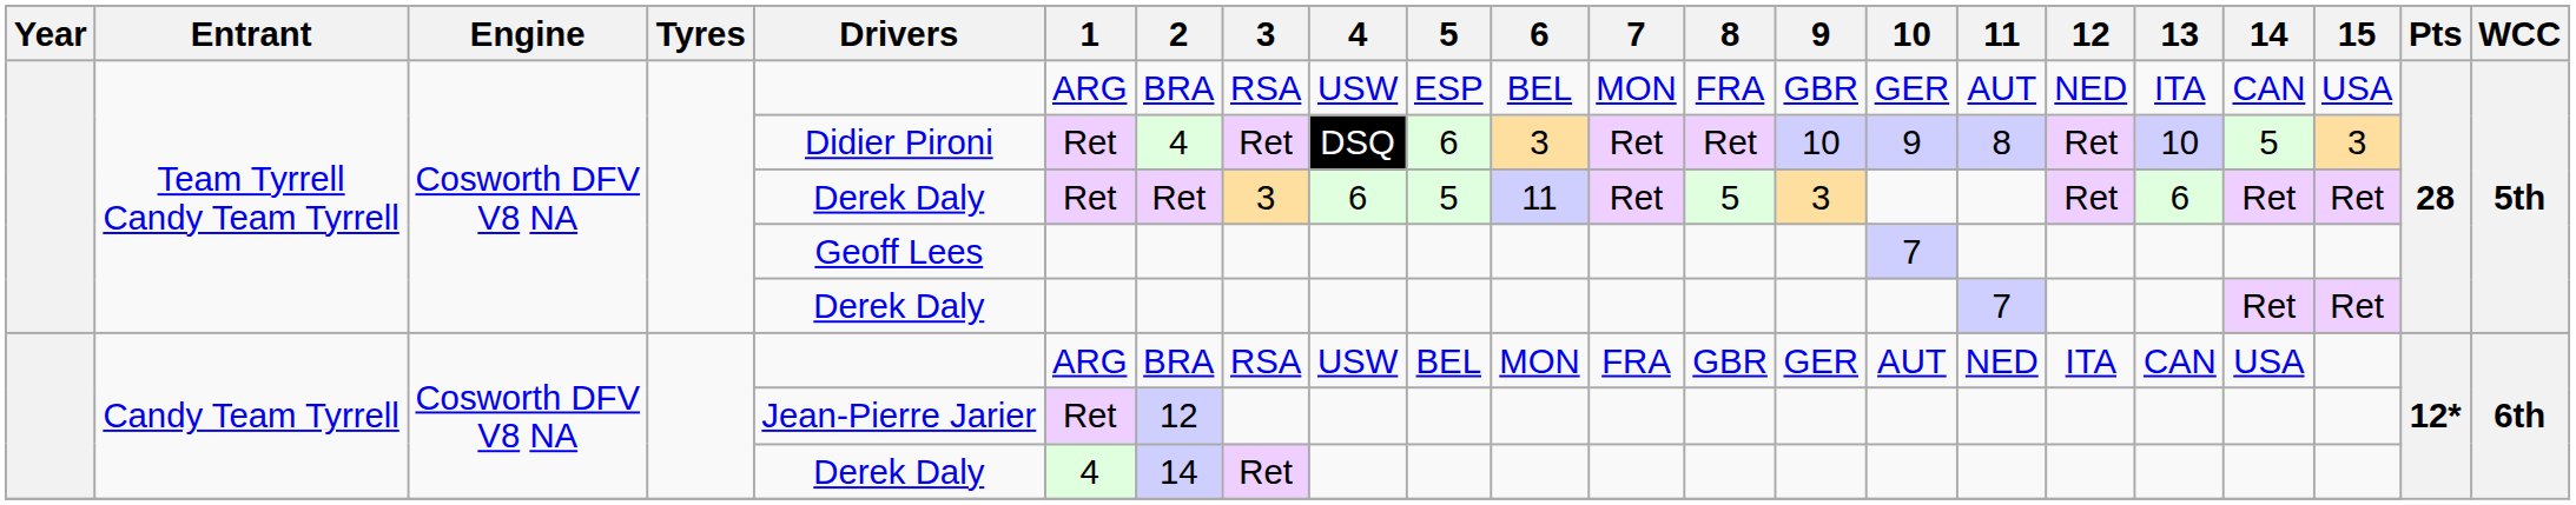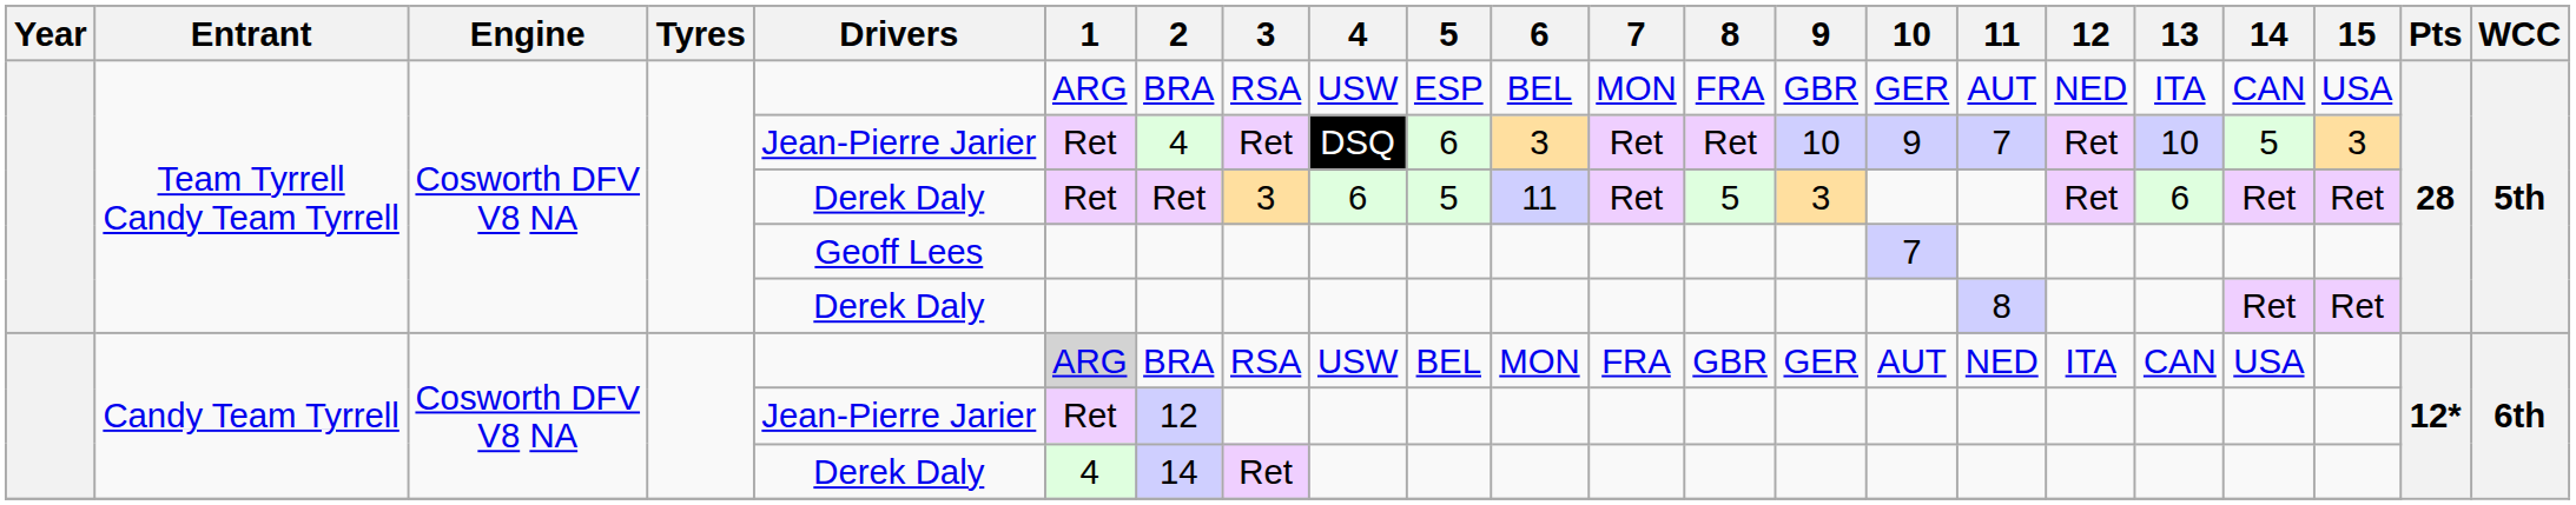 <table class="wikitable" style="text-align:center; font-size:95%">
 <tr>
 <th>Year</th>
 <th>Entrant</th>
 <th>Engine</th>
 <th>Tyres</th>
 <th>Drivers</th>
 <th>1</th>
 <th>2</th>
 <th>3</th>
 <th>4</th>
 <th>5</th>
 <th>6</th>
 <th>7</th>
 <th>8</th>
 <th>9</th>
 <th>10</th>
 <th>11</th>
 <th>12</th>
 <th>13</th>
 <th>14</th>
 <th>15</th>
 <th>Pts</th>
 <th>WCC</th>
 </tr>
 <tr>
 <th rowspan="5"></th>
 <td rowspan="5"><a href='#'>Team Tyrrell</a><br><a href='#'>Candy Team Tyrrell</a></td>
 <td rowspan="5"><a href='#'>Cosworth DFV</a><br><a href='#'>V8</a> <a href='#'>NA</a></td>
 <td rowspan="5"></td>
 <td></td>
 <td><a href='#'>ARG</a></td>
 <td><a href='#'>BRA</a></td>
 <td><a href='#'>RSA</a></td>
 <td><a href='#'>USW</a></td>
 <td><a href='#'>ESP</a></td>
 <td><a href='#'>BEL</a></td>
 <td><a href='#'>MON</a></td>
 <td><a href='#'>FRA</a></td>
 <td><a href='#'>GBR</a></td>
 <td><a href='#'>GER</a></td>
 <td><a href='#'>AUT</a></td>
 <td><a href='#'>NED</a></td>
 <td><a href='#'>ITA</a></td>
 <td><a href='#'>CAN</a></td>
 <td><a href='#'>USA</a></td>
 <th rowspan="5">28</th>
 <th rowspan="5">5th</th>
 </tr>
 <tr>
-<td><a href='#'>Didier Pironi</a></td>
+<td><a href='#'>Jean-Pierre Jarier</a></td>
 <td style="background:#EFCFFF;">Ret</td>
 <td style="background:#DFFFDF;">4</td>
 <td style="background:#EFCFFF;">Ret</td>
 <td style="background:#000000; color:white"><span>DSQ</span></td>
 <td style="background:#DFFFDF;">6</td>
 <td style="background:#FFDF9F;">3</td>
 <td style="background:#EFCFFF;">Ret</td>
 <td style="background:#EFCFFF;">Ret</td>
 <td style="background:#CFCFFF;">10</td>
 <td style="background:#CFCFFF;">9</td>
-<td style="background:#CFCFFF;">8</td>
+<td style="background:#CFCFFF;">7</td>
 <td style="background:#EFCFFF;">Ret</td>
 <td style="background:#CFCFFF;">10</td>
 <td style="background:#DFFFDF;">5</td>
 <td style="background:#FFDF9F;">3</td>
 </tr>
 <tr>
 <td><a href='#'>Derek Daly</a></td>
 <td style="background:#EFCFFF;">Ret</td>
 <td style="background:#EFCFFF;">Ret</td>
 <td style="background:#FFDF9F;">3</td>
 <td style="background:#DFFFDF;">6</td>
 <td style="background:#DFFFDF;">5</td>
 <td style="background:#CFCFFF;">11</td>
 <td style="background:#EFCFFF;">Ret</td>
 <td style="background:#DFFFDF;">5</td>
 <td style="background:#FFDF9F;">3</td>
 <td></td>
 <td></td>
 <td style="background:#EFCFFF;">Ret</td>
 <td style="background:#DFFFDF;">6</td>
 <td style="background:#EFCFFF;">Ret</td>
 <td style="background:#EFCFFF;">Ret</td>
 </tr>
 <tr>
 <td><a href='#'>Geoff Lees</a></td>
 <td></td>
 <td></td>
 <td></td>
 <td></td>
 <td></td>
 <td></td>
 <td></td>
 <td></td>
 <td></td>
 <td style="background:#CFCFFF;">7</td>
 <td></td>
 <td></td>
 <td></td>
 <td></td>
 <td></td>
 </tr>
 <tr>
 <td><a href='#'>Derek Daly</a></td>
 <td></td>
 <td></td>
 <td></td>
 <td></td>
 <td></td>
 <td></td>
 <td></td>
 <td></td>
 <td></td>
 <td></td>
-<td style="background:#CFCFFF;">7</td>
+<td style="background:#CFCFFF;">8</td>
 <td></td>
 <td></td>
 <td style="background:#EFCFFF;">Ret</td>
 <td style="background:#EFCFFF;">Ret</td>
 </tr>
 <tr>
 <th rowspan="3"></th>
 <td rowspan="3"><a href='#'>Candy Team Tyrrell</a></td>
 <td rowspan="3"><a href='#'>Cosworth DFV</a><br><a href='#'>V8</a> <a href='#'>NA</a></td>
 <td rowspan="3"></td>
 <td></td>
-<td><a href='#'>ARG</a></td>
+<td style="background: lightgrey;"><a href='#'>ARG</a></td>
 <td><a href='#'>BRA</a></td>
 <td><a href='#'>RSA</a></td>
 <td><a href='#'>USW</a></td>
 <td><a href='#'>BEL</a></td>
 <td><a href='#'>MON</a></td>
 <td><a href='#'>FRA</a></td>
 <td><a href='#'>GBR</a></td>
 <td><a href='#'>GER</a></td>
 <td><a href='#'>AUT</a></td>
 <td><a href='#'>NED</a></td>
 <td><a href='#'>ITA</a></td>
 <td><a href='#'>CAN</a></td>
 <td><a href='#'>USA</a></td>
 <td></td>
 <th rowspan="4">12*</th>
 <th rowspan="4">6th</th>
 </tr>
 <tr>
 <td><a href='#'>Jean-Pierre Jarier</a></td>
 <td style="background:#EFCFFF;">Ret</td>
 <td style="background:#CFCFFF;">12</td>
 <td></td>
 <td></td>
 <td></td>
 <td></td>
 <td></td>
 <td></td>
 <td></td>
 <td></td>
 <td></td>
 <td></td>
 <td></td>
 <td></td>
 <td></td>
 </tr>
 <tr>
 <td><a href='#'>Derek Daly</a></td>
 <td style="background:#DFFFDF;">4</td>
 <td style="background:#CFCFFF;">14</td>
 <td style="background:#EFCFFF;">Ret</td>
 <td></td>
 <td></td>
 <td></td>
 <td></td>
 <td></td>
 <td></td>
 <td></td>
 <td></td>
 <td></td>
 <td></td>
 <td></td>
 <td></td>
 </tr>
 <tr>
 </tr>
 </table>
